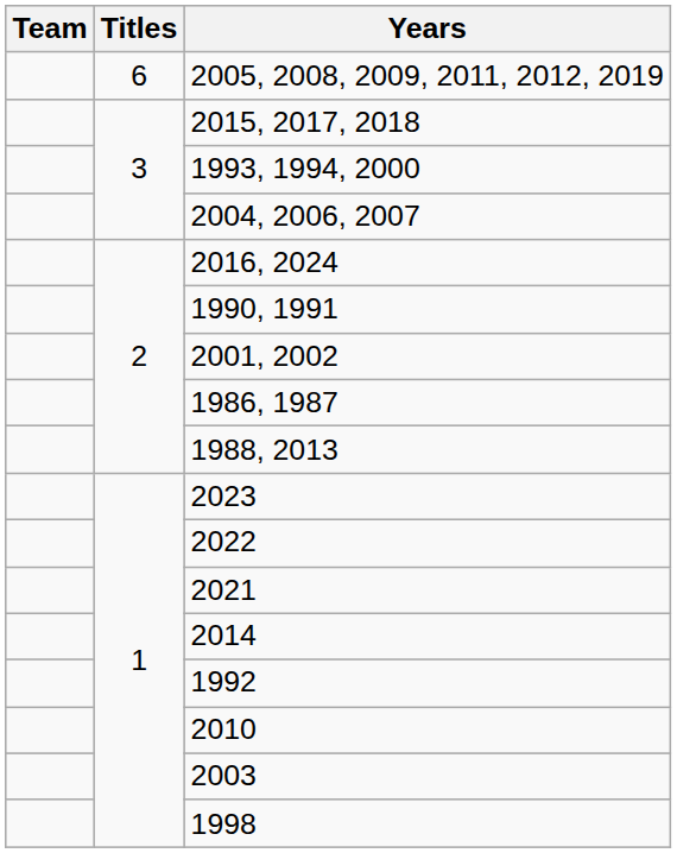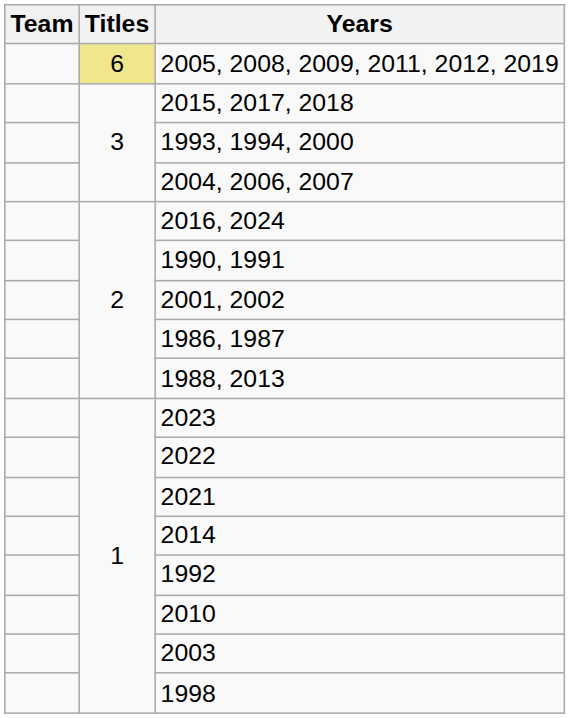 <table class="wikitable sortable" style="text-align:center">
 <tr>
 <th>Team</th>
 <th>Titles</th>
 <th>Years</th>
 </tr>
 <tr>
 <td style=><strong></strong></td>
-<td>6</td>
+<td style="background: khaki;">6</td>
 <td align=left>2005, 2008, 2009, 2011, 2012, 2019</td>
 </tr>
 <tr>
 <td style=><strong></strong></td>
 <td rowspan=3>3</td>
 <td align=left>2015, 2017, 2018</td>
 </tr>
 <tr>
 <td style=><strong></strong></td>
 <td align=left>1993, 1994, 2000</td>
 </tr>
 <tr>
 <td style=><strong></strong></td>
 <td align=left>2004, 2006, 2007</td>
 </tr>
 <tr>
 <td style=><strong></strong></td>
 <td rowspan=5>2</td>
 <td align=left>2016, 2024</td>
 </tr>
 <tr>
 <td style=><strong></strong></td>
 <td align=left>1990, 1991</td>
 </tr>
 <tr>
 <td style=><strong></strong></td>
 <td align=left>2001, 2002</td>
 </tr>
 <tr>
 <td style=><strong></strong></td>
 <td align=left>1986, 1987</td>
 </tr>
 <tr>
 <td style=><strong></strong></td>
 <td align=left>1988, 2013</td>
 </tr>
 <tr>
 <td style=><strong></strong></td>
 <td rowspan=8>1</td>
 <td align=left>2023</td>
 </tr>
 <tr>
 <td style=><strong></strong></td>
 <td align=left>2022</td>
 </tr>
 <tr>
 <td style=><strong></strong></td>
 <td align=left>2021</td>
 </tr>
 <tr>
 <td style=><strong></strong></td>
 <td align=left>2014</td>
 </tr>
 <tr>
 <td style=><strong></strong></td>
 <td align=left>1992</td>
 </tr>
 <tr>
 <td style=><strong></strong></td>
 <td align=left>2010</td>
 </tr>
 <tr>
 <td style=><strong></strong></td>
 <td align=left>2003</td>
 </tr>
 <tr>
 <td style=><strong></strong></td>
 <td align=left>1998</td>
 </tr>
 </table>
